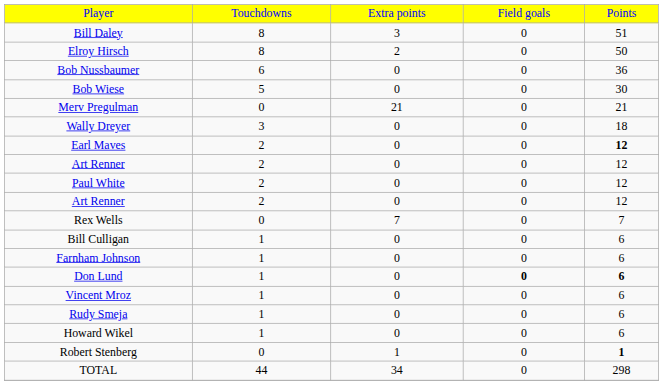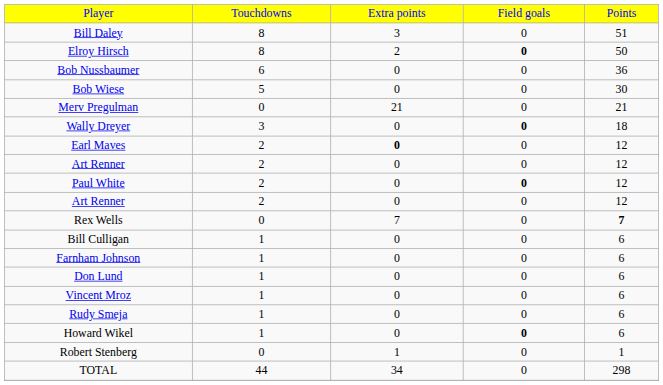 <table class="wikitable" width="70%">
 <tr align="center"  style="background:yellow;color:blue;">
 <td>Player</td>
 <td>Touchdowns</td>
 <td>Extra points</td>
 <td>Field goals</td>
 <td>Points</td>
 </tr>
 <tr align="center" bgcolor="">
 <td><a href='#'>Bill Daley</a></td>
 <td>8</td>
 <td>3</td>
 <td>0</td>
 <td>51</td>
 </tr>
 <tr align="center" bgcolor="">
 <td><a href='#'>Elroy Hirsch</a></td>
 <td>8</td>
 <td>2</td>
-<td>0</td>
+<td><strong>0</strong></td>
 <td>50</td>
 </tr>
 <tr align="center" bgcolor="">
 <td><a href='#'>Bob Nussbaumer</a></td>
 <td>6</td>
 <td>0</td>
 <td>0</td>
 <td>36</td>
 </tr>
 <tr align="center" bgcolor="">
 <td><a href='#'>Bob Wiese</a></td>
 <td>5</td>
 <td>0</td>
 <td>0</td>
 <td>30</td>
 </tr>
 <tr align="center" bgcolor="">
 <td><a href='#'>Merv Pregulman</a></td>
 <td>0</td>
 <td>21</td>
 <td>0</td>
 <td>21</td>
 </tr>
 <tr align="center" bgcolor="">
 <td><a href='#'>Wally Dreyer</a></td>
 <td>3</td>
 <td>0</td>
-<td>0</td>
+<td><strong>0</strong></td>
 <td>18</td>
 </tr>
 <tr align="center" bgcolor="">
 <td><a href='#'>Earl Maves</a></td>
 <td>2</td>
+<td><strong>0</strong></td>
 <td>0</td>
-<td>0</td>
-<td><strong>12</strong></td>
+<td>12</td>
 </tr>
 <tr align="center" bgcolor="">
 <td><a href='#'>Art Renner</a></td>
 <td>2</td>
 <td>0</td>
 <td>0</td>
 <td>12</td>
 </tr>
 <tr align="center" bgcolor="">
 <td><a href='#'>Paul White</a></td>
 <td>2</td>
 <td>0</td>
-<td>0</td>
+<td><strong>0</strong></td>
 <td>12</td>
 </tr>
 <tr align="center" bgcolor="">
 <td><a href='#'>Art Renner</a></td>
 <td>2</td>
 <td>0</td>
 <td>0</td>
 <td>12</td>
 </tr>
 <tr align="center" bgcolor="">
 <td>Rex Wells</td>
 <td>0</td>
 <td>7</td>
 <td>0</td>
-<td>7</td>
+<td><strong>7</strong></td>
 </tr>
 <tr align="center" bgcolor="">
 <td>Bill Culligan</td>
 <td>1</td>
 <td>0</td>
 <td>0</td>
 <td>6</td>
 </tr>
 <tr align="center" bgcolor="">
 <td><a href='#'>Farnham Johnson</a></td>
 <td>1</td>
 <td>0</td>
 <td>0</td>
 <td>6</td>
 </tr>
 <tr align="center" bgcolor="">
 <td><a href='#'>Don Lund</a></td>
 <td>1</td>
 <td>0</td>
-<td><strong>0</strong></td>
-<td><strong>6</strong></td>
+<td>0</td>
+<td>6</td>
 </tr>
 <tr align="center" bgcolor="">
 <td><a href='#'>Vincent Mroz</a></td>
 <td>1</td>
 <td>0</td>
 <td>0</td>
 <td>6</td>
 </tr>
 <tr align="center" bgcolor="">
 <td><a href='#'>Rudy Smeja</a></td>
 <td>1</td>
 <td>0</td>
 <td>0</td>
 <td>6</td>
 </tr>
 <tr align="center" bgcolor="">
 <td>Howard Wikel</td>
 <td>1</td>
 <td>0</td>
-<td>0</td>
+<td><strong>0</strong></td>
 <td>6</td>
 </tr>
 <tr align="center" bgcolor="">
 <td>Robert Stenberg</td>
 <td>0</td>
 <td>1</td>
 <td>0</td>
-<td><strong>1</strong></td>
+<td>1</td>
 </tr>
 <tr align="center" bgcolor="">
 <td>TOTAL</td>
 <td>44</td>
 <td>34</td>
 <td>0</td>
 <td>298</td>
 </tr>
 <tr align="center" bgcolor="">
 </tr>
 </table>
